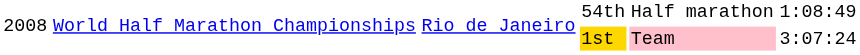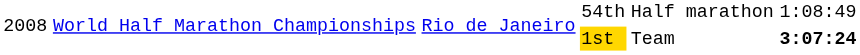 <table>
 <tr>
 <td rowspan=2>2008</td>
 <td rowspan=2><a href='#'>World Half Marathon Championships</a></td>
 <td rowspan=2><a href='#'>Rio de Janeiro</a></td>
 <td>54th</td>
 <td>Half marathon</td>
 <td>1:08:49</td>
 </tr>
 <tr>
 <td bgcolor=gold>1st</td>
-<td style="background: pink;">Team</td>
-<td>3:07:24</td>
+<td>Team</td>
+<td><strong>3:07:24</strong></td>
 </tr>
 </table>
